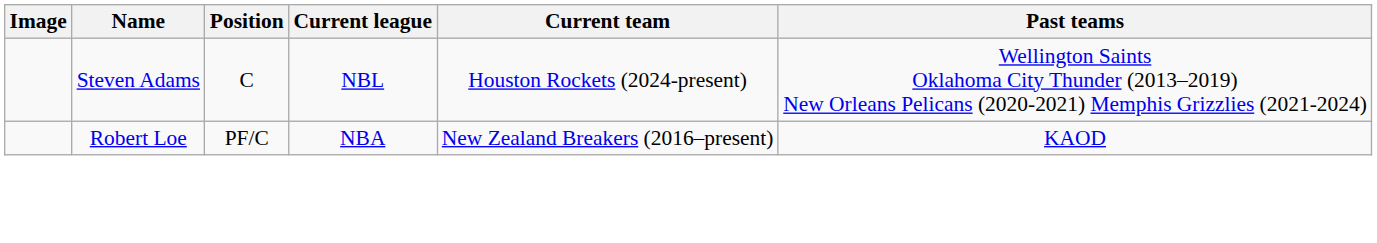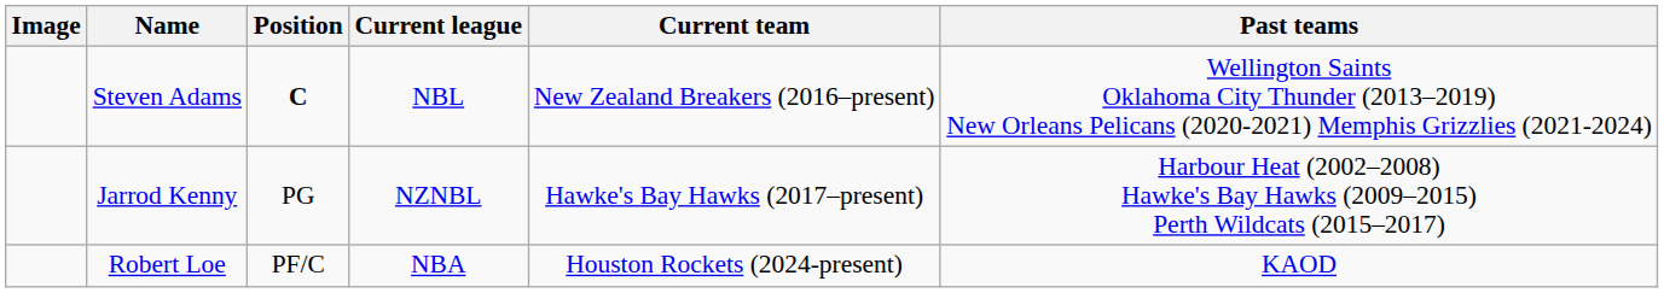 <table class="wikitable" style="text-align: center">
 <tr>
 <th>Image</th>
 <th>Name</th>
 <th>Position</th>
 <th>Current league</th>
 <th>Current team</th>
 <th>Past teams</th>
 </tr>
 <tr>
 <td></td>
 <td><a href='#'>Steven Adams</a></td>
-<td>C</td>
+<td><strong>C</strong></td>
 <td><a href='#'>NBL</a></td>
-<td> <a href='#'>Houston Rockets</a> (2024-present)</td>
+<td> <a href='#'>New Zealand Breakers</a> (2016–present)</td>
 <td><a href='#'>Wellington Saints</a> <br> <a href='#'>Oklahoma City Thunder</a> (2013–2019)<br><a href='#'>New Orleans Pelicans</a> (2020-2021) <a href='#'>Memphis Grizzlies</a> (2021-2024)</td>
+</tr>
+<tr>
+<td></td>
+<td><a href='#'>Jarrod Kenny</a></td>
+<td>PG</td>
+<td><a href='#'>NZNBL</a></td>
+<td> <a href='#'>Hawke's Bay Hawks</a> (2017–present)</td>
+<td><a href='#'>Harbour Heat</a> (2002–2008) <br> <a href='#'>Hawke's Bay Hawks</a> (2009–2015) <br> <a href='#'>Perth Wildcats</a> (2015–2017)</td>
 </tr>
 <tr>
 <td></td>
 <td><a href='#'>Robert Loe</a></td>
 <td>PF/C</td>
 <td><a href='#'>NBA</a></td>
-<td> <a href='#'>New Zealand Breakers</a> (2016–present)</td>
+<td> <a href='#'>Houston Rockets</a> (2024-present)</td>
 <td><a href='#'>KAOD</a></td>
 </tr>
 </table>
